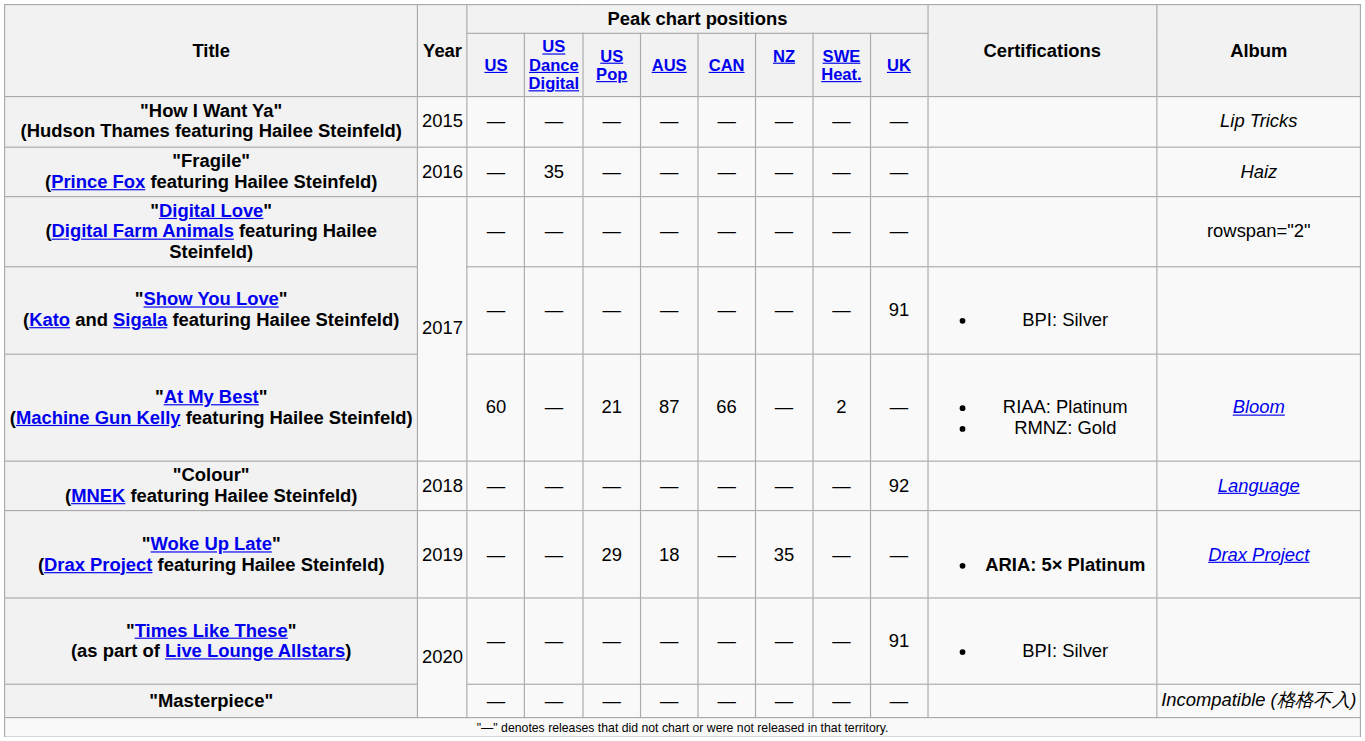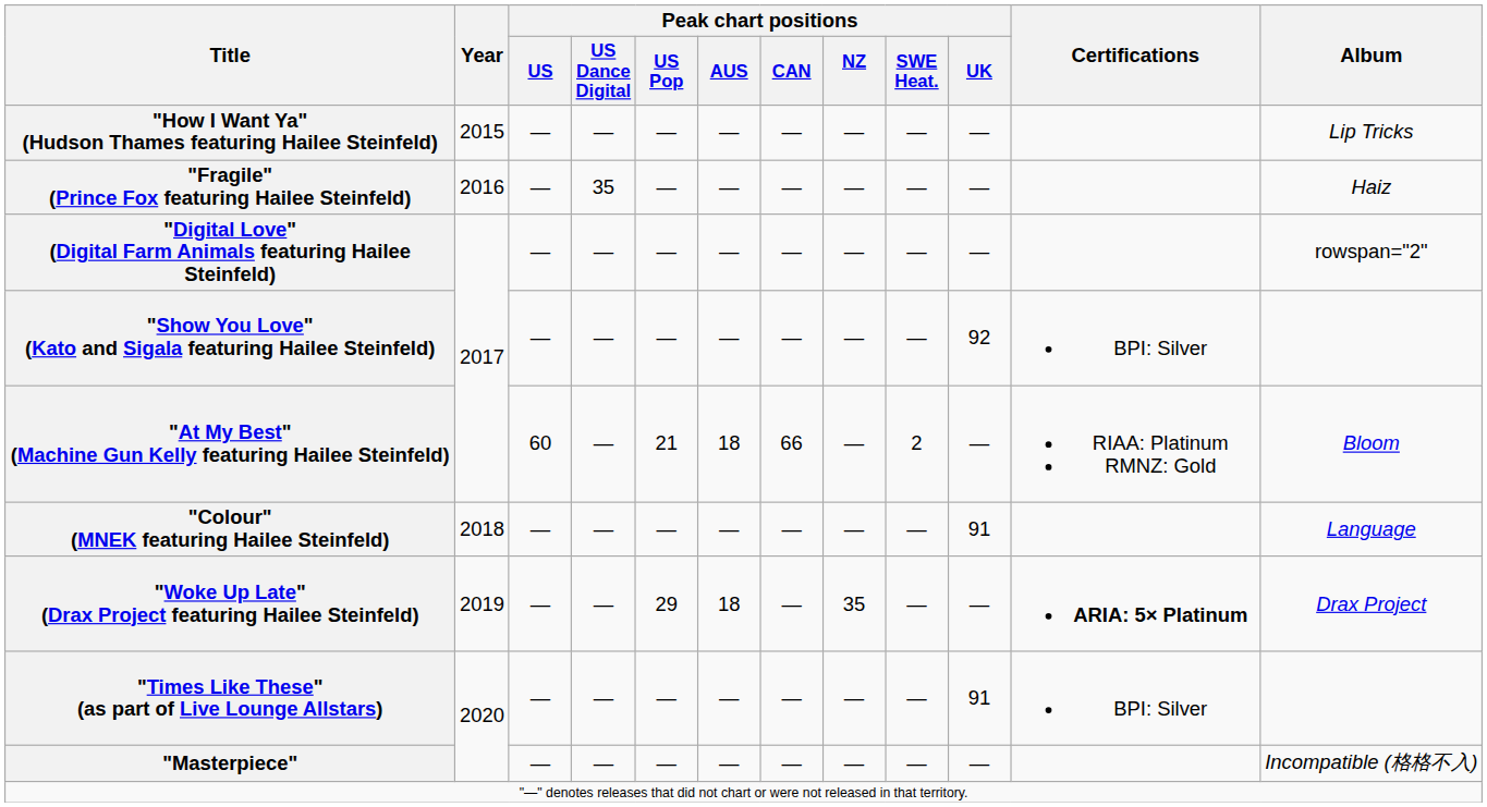 <table class="wikitable plainrowheaders" style="text-align:center;">
 <tr>
 <th scope="col" rowspan="2" style="width:22em;">Title</th>
 <th scope="col" rowspan="2">Year</th>
 <th scope="col" colspan="8">Peak chart positions</th>
 <th scope="col" rowspan="2" style="width:12em;">Certifications</th>
 <th scope="col" rowspan="2">Album</th>
 </tr>
 <tr>
 <th scope="col" style="width:3em;font-size:90%;"><a href='#'>US</a><br></th>
 <th scope="col" style="width:3em;font-size:90%;"><a href='#'>US<br>Dance<br>Digital</a><br></th>
 <th scope="col" style="width:3em;font-size:90%;"><a href='#'>US<br>Pop</a><br></th>
 <th scope="col" style="width:3em;font-size:90%;"><a href='#'>AUS</a><br></th>
 <th scope="col" style="width:3em;font-size:90%;"><a href='#'>CAN</a><br></th>
 <th scope="col" style="width:3em;font-size:90%;"><a href='#'>NZ</a><br><br></th>
 <th scope="col" style="width:3em;font-size:90%;"><a href='#'>SWE<br>Heat.</a><br></th>
 <th scope="col" style="width:3em;font-size:90%;"><a href='#'>UK</a><br></th>
 </tr>
 <tr>
 <th scope="row">"How I Want Ya"<br><span>(Hudson Thames featuring Hailee Steinfeld)</span></th>
 <td>2015</td>
 <td>—</td>
 <td>—</td>
 <td>—</td>
 <td>—</td>
 <td>—</td>
 <td>—</td>
 <td>—</td>
 <td>—</td>
 <td></td>
 <td><em>Lip Tricks</em></td>
 </tr>
 <tr>
 <th scope="row">"Fragile"<br><span>(<a href='#'>Prince Fox</a> featuring Hailee Steinfeld)</span></th>
 <td>2016</td>
 <td>—</td>
 <td>35</td>
 <td>—</td>
 <td>—</td>
 <td>—</td>
 <td>—</td>
 <td>—</td>
 <td>—</td>
 <td></td>
 <td><em>Haiz</em></td>
 </tr>
 <tr>
 <th scope="row">"<a href='#'>Digital Love</a>"<br><span>(<a href='#'>Digital Farm Animals</a> featuring Hailee Steinfeld)</span></th>
 <td rowspan="3">2017</td>
 <td>—</td>
 <td>—</td>
 <td>—</td>
 <td>—</td>
 <td>—</td>
 <td>—</td>
 <td>—</td>
 <td>—</td>
 <td></td>
 <td>rowspan="2" </td>
 </tr>
 <tr>
 <th scope="row">"<a href='#'>Show You Love</a>"<br><span>(<a href='#'>Kato</a> and <a href='#'>Sigala</a> featuring Hailee Steinfeld)</span></th>
 <td>—</td>
 <td>—</td>
 <td>—</td>
 <td>—</td>
 <td>—</td>
 <td>—</td>
 <td>—</td>
-<td>91</td>
+<td>92</td>
 <td><br><ul><li>BPI: Silver</li></ul></td>
 </tr>
 <tr>
 <th scope="row">"<a href='#'>At My Best</a>"<br><span>(<a href='#'>Machine Gun Kelly</a> featuring Hailee Steinfeld)</span></th>
 <td>60</td>
 <td>—</td>
 <td>21</td>
-<td>87</td>
+<td>18</td>
 <td>66</td>
 <td>—</td>
 <td>2</td>
 <td>—</td>
 <td><br><ul><li>RIAA: Platinum</li><li>RMNZ: Gold</li></ul></td>
 <td><em><a href='#'>Bloom</a></em></td>
 </tr>
 <tr>
 <th scope="row">"Colour"<br><span>(<a href='#'>MNEK</a> featuring Hailee Steinfeld)</span></th>
 <td>2018</td>
 <td>—</td>
 <td>—</td>
 <td>—</td>
 <td>—</td>
 <td>—</td>
 <td>—</td>
 <td>—</td>
-<td>92</td>
+<td>91</td>
 <td></td>
 <td><em><a href='#'>Language</a></em></td>
 </tr>
 <tr>
 <th scope="row">"<a href='#'>Woke Up Late</a>"<br><span>(<a href='#'>Drax Project</a> featuring Hailee Steinfeld)</span></th>
 <td>2019</td>
 <td>—</td>
 <td>—</td>
 <td>29</td>
 <td>18</td>
 <td>—</td>
 <td>35</td>
 <td>—</td>
 <td>—</td>
 <td><strong><br><ul><li>ARIA: 5× Platinum</li></ul></strong></td>
 <td><em><a href='#'>Drax Project</a></em></td>
 </tr>
 <tr>
 <th scope="row">"<a href='#'>Times Like These</a>"<br><span>(as part of <a href='#'>Live Lounge Allstars</a>)</span></th>
 <td rowspan="2">2020</td>
 <td>—</td>
 <td>—</td>
 <td>—</td>
 <td>—</td>
 <td>—</td>
 <td>—</td>
 <td>—</td>
 <td>91</td>
 <td><br><ul><li>BPI: Silver</li></ul></td>
 <td></td>
 </tr>
 <tr>
 <th scope="row">"Masterpiece" <br> </th>
 <td>—</td>
 <td>—</td>
 <td>—</td>
 <td>—</td>
 <td>—</td>
 <td>—</td>
 <td>—</td>
 <td>—</td>
 <td></td>
 <td><em>Incompatible (格格不入)</em></td>
 </tr>
 <tr>
 <td colspan="16" style="font-size:8pt">"—" denotes releases that did not chart or were not released in that territory.</td>
 </tr>
 </table>
